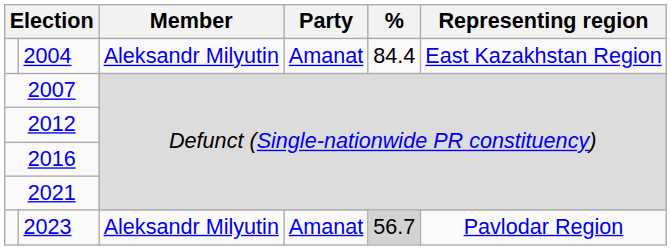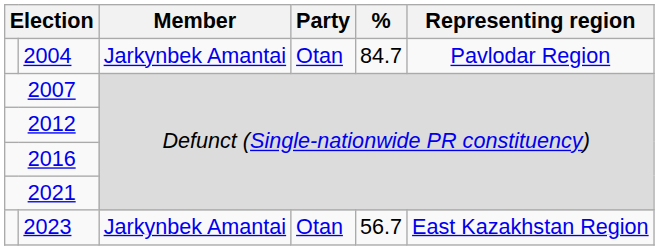 <table class="wikitable">
 <tr>
 <th colspan="2">Election</th>
 <th>Member</th>
 <th>Party</th>
 <th>%</th>
 <th>Representing region</th>
 </tr>
 <tr>
 <td style="background-color: "></td>
 <td><a href='#'>2004</a></td>
-<td><a href='#'>Aleksandr Milyutin</a></td>
-<td><a href='#'>Amanat</a></td>
-<td align="right">84.4</td>
-<td align="center"><a href='#'>East Kazakhstan Region</a></td>
+<td><a href='#'>Jarkynbek Amantai</a></td>
+<td><a href='#'>Otan</a></td>
+<td align="right">84.7</td>
+<td align="center"><a href='#'>Pavlodar Region</a></td>
 </tr>
 <tr>
 <td colspan="2" align="center"><a href='#'>2007</a></td>
 <td colspan="4" rowspan="4" align="center" style="background-color:#DCDCDC"><em>Defunct (<a href='#'>Single-nationwide PR constituency</a>)</em></td>
 </tr>
 <tr>
 <td colspan="2" align="center"><a href='#'>2012</a></td>
 </tr>
 <tr>
 <td colspan="2" align="center"><a href='#'>2016</a></td>
 </tr>
 <tr>
 <td colspan="2" align="center"><a href='#'>2021</a></td>
 </tr>
 <tr>
 <td style="background-color: "></td>
 <td><a href='#'>2023</a></td>
-<td><a href='#'>Aleksandr Milyutin</a></td>
-<td><a href='#'>Amanat</a></td>
-<td align="right" style="background: lightgrey;">56.7</td>
-<td align="center"><a href='#'>Pavlodar Region</a></td>
+<td><a href='#'>Jarkynbek Amantai</a></td>
+<td><a href='#'>Otan</a></td>
+<td align="right">56.7</td>
+<td align="center"><a href='#'>East Kazakhstan Region</a></td>
 </tr>
 </table>
